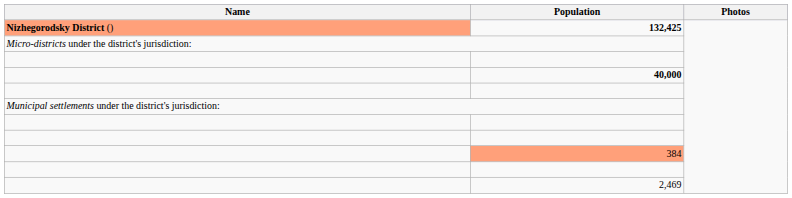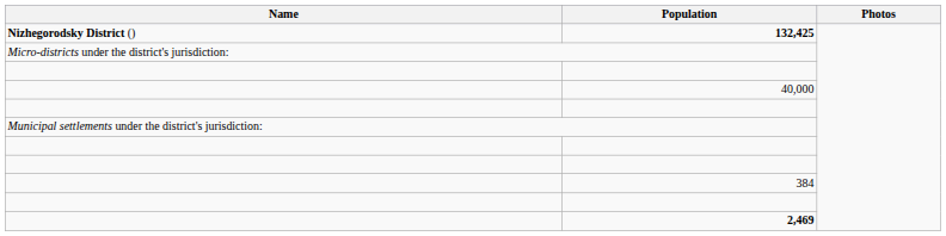 <table width=100% class="wikitable">
 <tr bgcolor="#CCCCFF" align="left">
 <th>Name</th>
 <th>Population</th>
 <th>Photos</th>
 </tr>
 <tr valign="top">
-<td style="background: lightsalmon;"><strong>Nizhegorodsky District</strong> ()</td>
+<td><strong>Nizhegorodsky District</strong> ()</td>
 <td align="right"><strong>132,425</strong></td>
 <td rowspan=11></td>
 </tr>
 <tr valign="top">
 <td colspan=2><em>Micro-districts</em> under the district's jurisdiction:</td>
 </tr>
 <tr>
 <td><br></td>
 <td align="right"></td>
 </tr>
 <tr>
 <td><br></td>
-<td align="right"><strong>40,000</strong></td>
+<td align="right">40,000</td>
 </tr>
 <tr>
 <td><br></td>
 <td align="right"></td>
 </tr>
 <tr valign="top">
 <td colspan=2><em>Municipal settlements</em> under the district's jurisdiction:</td>
 </tr>
 <tr>
 <td><br></td>
 <td align="right"></td>
 </tr>
 <tr>
 <td><br></td>
 <td align="right"></td>
 </tr>
 <tr>
 <td><br></td>
-<td align="right" style="background: lightsalmon;">384</td>
+<td align="right">384</td>
 </tr>
 <tr>
 <td><br></td>
 <td align="right"></td>
 </tr>
 <tr>
 <td><br></td>
-<td align="right">2,469</td>
+<td align="right"><strong>2,469</strong></td>
 </tr>
 </table>
